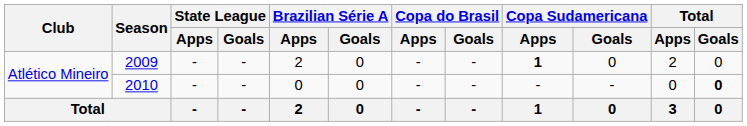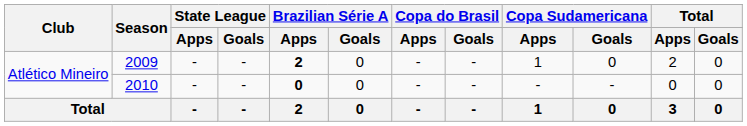 <table class="wikitable" style="text-align: center;">
 <tr>
 <th rowspan="2">Club</th>
 <th rowspan="2">Season</th>
 <th colspan="2">State League</th>
 <th colspan="2"><a href='#'>Brazilian Série A</a></th>
 <th colspan="2"><a href='#'>Copa do Brasil</a></th>
 <th colspan="2"><a href='#'>Copa Sudamericana</a></th>
 <th colspan="2">Total</th>
 </tr>
 <tr>
 <th>Apps</th>
 <th>Goals</th>
 <th>Apps</th>
 <th>Goals</th>
 <th>Apps</th>
 <th>Goals</th>
 <th>Apps</th>
 <th>Goals</th>
 <th>Apps</th>
 <th>Goals</th>
 </tr>
 <tr>
 <td rowspan="2"><a href='#'>Atlético Mineiro</a></td>
 <td><a href='#'>2009</a></td>
 <td>-</td>
 <td>-</td>
-<td>2</td>
+<td><strong>2</strong></td>
 <td>0</td>
 <td>-</td>
 <td>-</td>
-<td><strong>1</strong></td>
+<td>1</td>
 <td>0</td>
 <td>2</td>
 <td>0</td>
 </tr>
 <tr>
 <td><a href='#'>2010</a></td>
 <td>-</td>
 <td>-</td>
-<td>0</td>
+<td><strong>0</strong></td>
 <td>0</td>
 <td>-</td>
 <td>-</td>
 <td>-</td>
 <td>-</td>
 <td>0</td>
-<td><strong>0</strong></td>
+<td>0</td>
 </tr>
 <tr>
 <th colspan="2">Total</th>
 <th>-</th>
 <th>-</th>
 <th>2</th>
 <th>0</th>
 <th>-</th>
 <th>-</th>
 <th>1</th>
 <th>0</th>
 <th>3</th>
 <th>0</th>
 </tr>
 </table>
